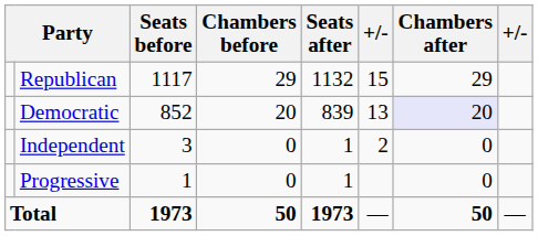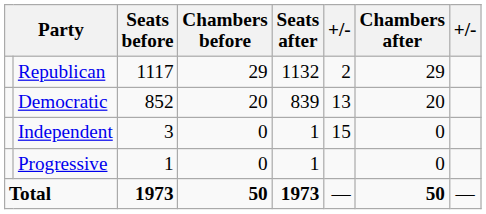 <table class="wikitable">
 <tr>
 <th colspan="2">Party</th>
 <th>Seats<br>before</th>
 <th>Chambers<br>before</th>
 <th>Seats<br>after</th>
 <th>+/-</th>
 <th>Chambers<br>after</th>
 <th>+/-</th>
 </tr>
 <tr>
 <td style="background:"></td>
 <td><a href='#'>Republican</a></td>
 <td align="right">1117</td>
 <td align="right">29</td>
 <td align="right">1132</td>
-<td align="right"> 15</td>
+<td align="right"> 2</td>
 <td align="right">29</td>
 <td align="center"></td>
 </tr>
 <tr>
 <td style="background:"></td>
 <td><a href='#'>Democratic</a></td>
 <td align="right">852</td>
 <td align="right">20</td>
 <td align="right">839</td>
 <td align="right"> 13</td>
-<td align="right" style="background: lavender;">20</td>
+<td align="right">20</td>
 <td align="center"></td>
 </tr>
 <tr>
 <td style="background:"></td>
 <td><a href='#'>Independent</a></td>
 <td align="right">3</td>
 <td align="right">0</td>
 <td align="right">1</td>
-<td align="right"> 2</td>
+<td align="right"> 15</td>
 <td align="right">0</td>
 <td align="center"></td>
 </tr>
 <tr>
 <td style="background:"></td>
 <td><a href='#'>Progressive</a></td>
 <td align="right">1</td>
 <td align="right">0</td>
 <td align="right">1</td>
 <td align="center"></td>
 <td align="right">0</td>
 <td align="center"></td>
 </tr>
 <tr>
 <td colspan="2"><strong>Total</strong></td>
 <td align="right"><strong>1973</strong></td>
 <td align="right"><strong>50</strong></td>
 <td align="right"><strong>1973</strong></td>
 <td align="right">—</td>
 <td align="right"><strong>50</strong></td>
 <td align="center">—</td>
 </tr>
 </table>
